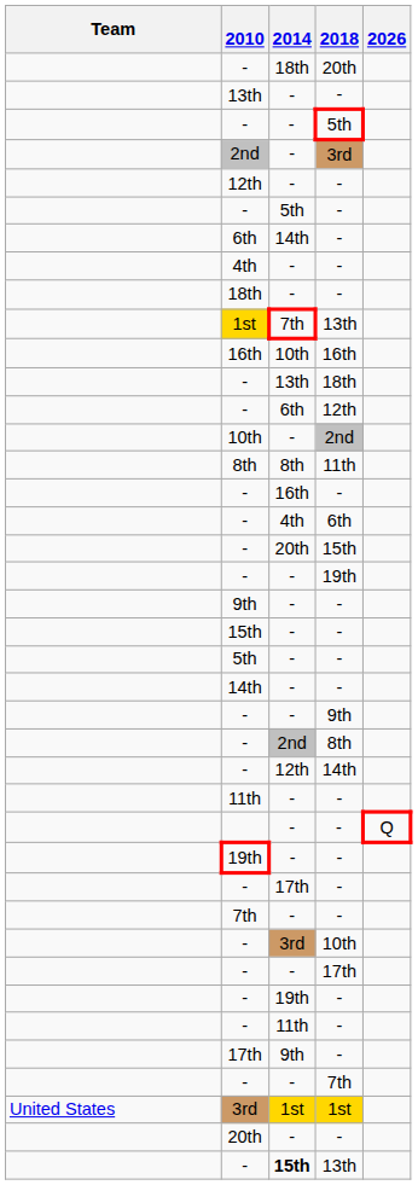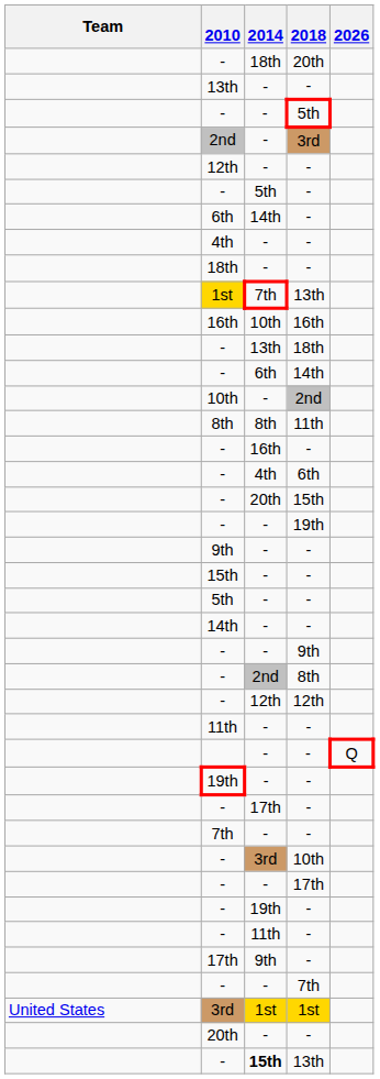 <table class=wikitable style="text-align:center; font-size:90%">
 <tr>
 <th width=170>Team</th>
 <th><br><a href='#'>2010</a></th>
 <th><br><a href='#'>2014</a></th>
 <th><br><a href='#'>2018</a></th>
 <th><br><a href='#'>2026</a></th>
 </tr>
 <tr>
 <td align=left></td>
 <td>-</td>
 <td>18th</td>
 <td>20th</td>
 <td></td>
 </tr>
 <tr>
 <td align=left></td>
 <td>13th</td>
 <td>-</td>
 <td>-</td>
 <td></td>
 </tr>
 <tr>
 <td align=left></td>
 <td>-</td>
 <td>-</td>
 <td style="border: 3px solid red">5th</td>
 <td></td>
 </tr>
 <tr>
 <td align=left></td>
 <td bgcolor=silver>2nd</td>
 <td>-</td>
 <td bgcolor=cc9966>3rd</td>
 <td></td>
 </tr>
 <tr>
 <td align=left></td>
 <td>12th</td>
 <td>-</td>
 <td>-</td>
 <td></td>
 </tr>
 <tr>
 <td align=left></td>
 <td>-</td>
 <td>5th</td>
 <td>-</td>
 <td></td>
 </tr>
 <tr>
 <td align=left></td>
 <td>6th</td>
 <td>14th</td>
 <td>-</td>
 <td></td>
 </tr>
 <tr>
 <td align=left></td>
 <td>4th</td>
 <td>-</td>
 <td>-</td>
 <td></td>
 </tr>
 <tr>
 <td align=left></td>
 <td>18th</td>
 <td>-</td>
 <td>-</td>
 <td></td>
 </tr>
 <tr>
 <td align=left></td>
 <td bgcolor=gold>1st</td>
 <td style="border: 3px solid red">7th</td>
 <td>13th</td>
 <td></td>
 </tr>
 <tr>
 <td align=left></td>
 <td>16th</td>
 <td>10th</td>
 <td>16th</td>
 <td></td>
 </tr>
 <tr>
 <td align=left></td>
 <td>-</td>
 <td>13th</td>
 <td>18th</td>
 <td></td>
 </tr>
 <tr>
 <td align=left></td>
 <td>-</td>
 <td>6th</td>
-<td>12th</td>
+<td>14th</td>
 <td></td>
 </tr>
 <tr>
 <td align=left></td>
 <td>10th</td>
 <td>-</td>
 <td bgcolor=silver>2nd</td>
 <td></td>
 </tr>
 <tr>
 <td align=left></td>
 <td>8th</td>
 <td>8th</td>
 <td>11th</td>
 <td></td>
 </tr>
 <tr>
 <td align=left></td>
 <td>-</td>
 <td>16th</td>
 <td>-</td>
 <td></td>
 </tr>
 <tr>
 <td align=left></td>
 <td>-</td>
 <td>4th</td>
 <td>6th</td>
 <td></td>
 </tr>
 <tr>
 <td align=left></td>
 <td>-</td>
 <td>20th</td>
 <td>15th</td>
 <td></td>
 </tr>
 <tr>
 <td align=left></td>
 <td>-</td>
 <td>-</td>
 <td>19th</td>
 <td></td>
 </tr>
 <tr>
 <td align=left></td>
 <td>9th</td>
 <td>-</td>
 <td>-</td>
 <td></td>
 </tr>
 <tr>
 <td align=left></td>
 <td>15th</td>
 <td>-</td>
 <td>-</td>
 <td></td>
 </tr>
 <tr>
 <td align=left></td>
 <td>5th</td>
 <td>-</td>
 <td>-</td>
 <td></td>
 </tr>
 <tr>
 <td align=left></td>
 <td>14th</td>
 <td>-</td>
 <td>-</td>
 <td></td>
 </tr>
 <tr>
 <td align=left></td>
 <td>-</td>
 <td>-</td>
 <td>9th</td>
 <td></td>
 </tr>
 <tr>
 <td align=left></td>
 <td>-</td>
 <td bgcolor=silver>2nd</td>
 <td>8th</td>
 <td></td>
 </tr>
 <tr>
 <td align=left></td>
 <td>-</td>
 <td>12th</td>
-<td>14th</td>
+<td>12th</td>
 <td></td>
 </tr>
 <tr>
 <td align=left></td>
 <td>11th</td>
 <td>-</td>
 <td>-</td>
 <td></td>
 </tr>
 <tr>
 <td align=left></td>
 <td></td>
 <td>-</td>
 <td>-</td>
 <td style="border: 3px solid red">Q</td>
 </tr>
 <tr>
 <td align=left></td>
 <td style="border: 3px solid red">19th</td>
 <td>-</td>
 <td>-</td>
 <td></td>
 </tr>
 <tr>
 <td align=left></td>
 <td>-</td>
 <td>17th</td>
 <td>-</td>
 <td></td>
 </tr>
 <tr>
 <td align=left></td>
 <td>7th</td>
 <td>-</td>
 <td>-</td>
 <td></td>
 </tr>
 <tr>
 <td align=left></td>
 <td>-</td>
 <td bgcolor=cc9966>3rd</td>
 <td>10th</td>
 <td></td>
 </tr>
 <tr>
 <td align=left></td>
 <td>-</td>
 <td>-</td>
 <td>17th</td>
 <td></td>
 </tr>
 <tr>
 <td align=left></td>
 <td>-</td>
 <td>19th</td>
 <td>-</td>
 <td></td>
 </tr>
 <tr>
 <td align=left></td>
 <td>-</td>
 <td>11th</td>
 <td>-</td>
 <td></td>
 </tr>
 <tr>
 <td align=left></td>
 <td>17th</td>
 <td>9th</td>
 <td>-</td>
 <td></td>
 </tr>
 <tr>
 <td align=left></td>
 <td>-</td>
 <td>-</td>
 <td>7th</td>
 <td></td>
 </tr>
 <tr>
 <td align=left> <a href='#'>United States</a></td>
 <td bgcolor=cc9966>3rd</td>
 <td bgcolor=gold>1st</td>
 <td bgcolor=gold>1st</td>
 <td></td>
 </tr>
 <tr>
 <td align=left></td>
 <td>20th</td>
 <td>-</td>
 <td>-</td>
 <td></td>
 </tr>
 <tr>
 <td align=left></td>
 <td>-</td>
 <td><strong>15th</strong></td>
 <td>13th</td>
 <td></td>
 </tr>
 </table>
